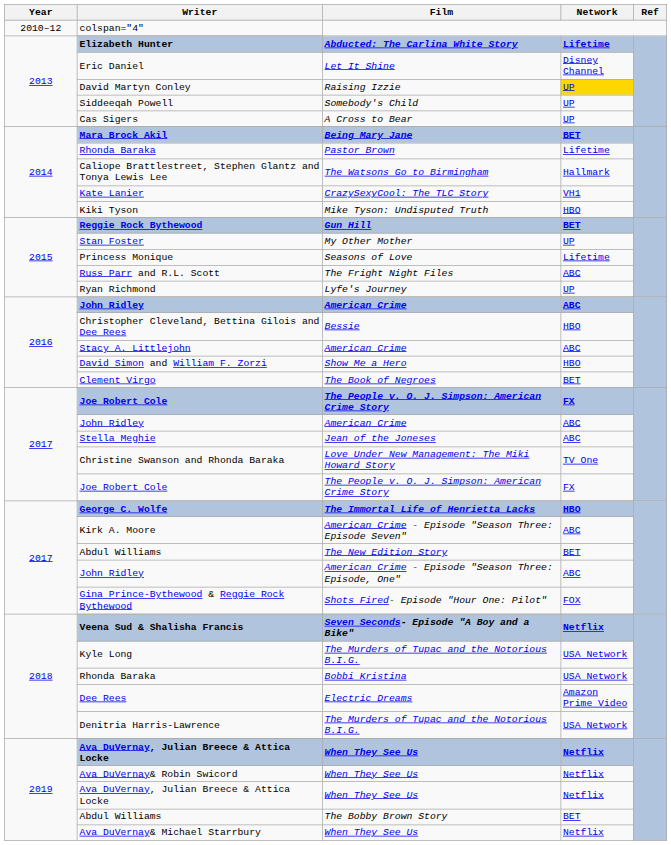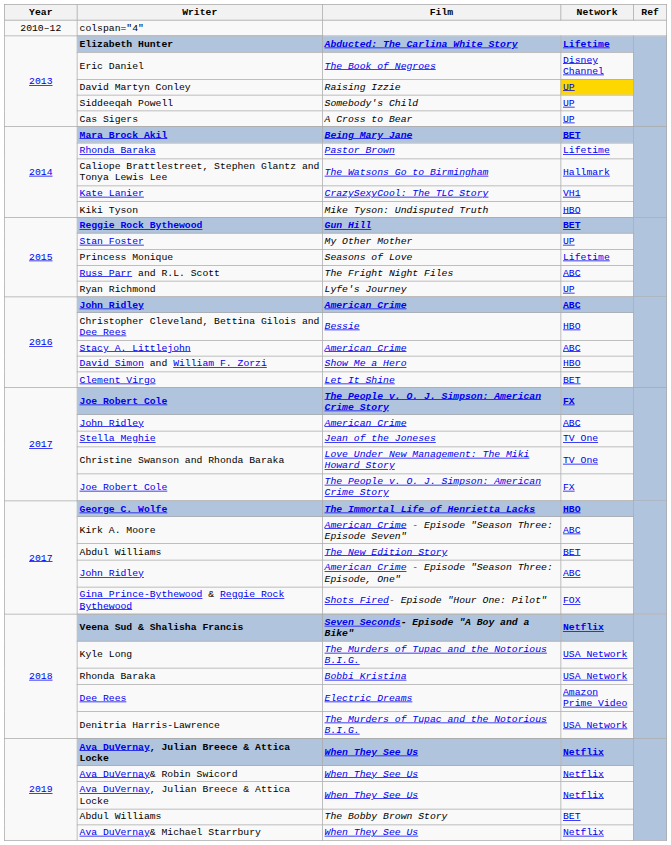 <table class="wikitable" style="width:100%;">
 <tr style="background:#bebebe;">
 <th style="width:11%;">Year</th>
 <th style="width:37%;">Writer</th>
 <th style="width:36%;">Film</th>
 <th style="width:11%;">Network</th>
 <th style="width:5%;">Ref</th>
 </tr>
 <tr>
 <td align="center">2010–12</td>
 <td>colspan="4" </td>
 </tr>
 <tr>
 <td rowspan="6" align="center"><a href='#'>2013</a></td>
 </tr>
 <tr style="background:#B0C4DE">
 <td><strong>Elizabeth Hunter</strong></td>
 <td><strong><em><a href='#'>Abducted: The Carlina White Story</a></em></strong></td>
 <td><strong><a href='#'>Lifetime</a></strong></td>
 <td rowspan="6" align="center"></td>
 </tr>
 <tr>
 <td>Eric Daniel</td>
-<td><em><a href='#'>Let It Shine</a></em></td>
+<td><em><a href='#'>The Book of Negroes</a></em></td>
 <td><a href='#'>Disney Channel</a></td>
 </tr>
 <tr>
 <td>David Martyn Conley</td>
 <td><em>Raising Izzie</em></td>
 <td style="background: gold;"><a href='#'>UP</a></td>
 </tr>
 <tr>
 <td>Siddeeqah Powell</td>
 <td><em>Somebody's Child</em></td>
 <td><a href='#'>UP</a></td>
 </tr>
 <tr>
 <td>Cas Sigers</td>
 <td><em>A Cross to Bear</em></td>
 <td><a href='#'>UP</a></td>
 </tr>
 <tr>
 <td rowspan="6" align="center"><a href='#'>2014</a></td>
 </tr>
 <tr style="background:#B0C4DE">
 <td><strong><a href='#'>Mara Brock Akil</a></strong></td>
 <td><strong><em><a href='#'>Being Mary Jane</a></em></strong></td>
 <td><strong><a href='#'>BET</a></strong></td>
 <td rowspan="6" align="center"></td>
 </tr>
 <tr>
 <td><a href='#'>Rhonda Baraka</a></td>
 <td><em><a href='#'>Pastor Brown</a></em></td>
 <td><a href='#'>Lifetime</a></td>
 </tr>
 <tr>
 <td>Caliope Brattlestreet, Stephen Glantz and Tonya Lewis Lee</td>
 <td><em><a href='#'>The Watsons Go to Birmingham</a></em></td>
 <td><a href='#'>Hallmark</a></td>
 </tr>
 <tr>
 <td><a href='#'>Kate Lanier</a></td>
 <td><em><a href='#'>CrazySexyCool: The TLC Story</a></em></td>
 <td><a href='#'>VH1</a></td>
 </tr>
 <tr>
 <td>Kiki Tyson</td>
 <td><em>Mike Tyson: Undisputed Truth</em></td>
 <td><a href='#'>HBO</a></td>
 </tr>
 <tr>
 <td rowspan="6" align="center"><a href='#'>2015</a></td>
 </tr>
 <tr style="background:#B0C4DE">
 <td><strong><a href='#'>Reggie Rock Bythewood</a></strong></td>
 <td><strong><em><a href='#'>Gun Hill</a></em></strong></td>
 <td><strong><a href='#'>BET</a></strong></td>
 <td rowspan="6" align="center"></td>
 </tr>
 <tr>
 <td><a href='#'>Stan Foster</a></td>
 <td><em>My Other Mother</em></td>
 <td><a href='#'>UP</a></td>
 </tr>
 <tr>
 <td>Princess Monique</td>
 <td><em>Seasons of Love</em></td>
 <td><a href='#'>Lifetime</a></td>
 </tr>
 <tr>
 <td><a href='#'>Russ Parr</a> and R.L. Scott</td>
 <td><em>The Fright Night Files</em></td>
 <td><a href='#'>ABC</a></td>
 </tr>
 <tr>
 <td>Ryan Richmond</td>
 <td><em>Lyfe's Journey</em></td>
 <td><a href='#'>UP</a></td>
 </tr>
 <tr>
 <td rowspan="6" align="center"><a href='#'>2016</a></td>
 </tr>
 <tr style="background:#B0C4DE">
 <td><strong><a href='#'>John Ridley</a></strong></td>
 <td><strong><em><a href='#'>American Crime</a></em></strong></td>
 <td><strong><a href='#'>ABC</a></strong></td>
 <td rowspan="6" align="center"></td>
 </tr>
 <tr>
 <td>Christopher Cleveland, Bettina Gilois and <a href='#'>Dee Rees</a></td>
 <td><em><a href='#'>Bessie</a></em></td>
 <td><a href='#'>HBO</a></td>
 </tr>
 <tr>
 <td><a href='#'>Stacy A. Littlejohn</a></td>
 <td><em><a href='#'>American Crime</a></em></td>
 <td><a href='#'>ABC</a></td>
 </tr>
 <tr>
 <td><a href='#'>David Simon</a> and <a href='#'>William F. Zorzi</a></td>
 <td><em><a href='#'>Show Me a Hero</a></em></td>
 <td><a href='#'>HBO</a></td>
 </tr>
 <tr>
 <td><a href='#'>Clement Virgo</a></td>
-<td><em><a href='#'>The Book of Negroes</a></em></td>
+<td><em><a href='#'>Let It Shine</a></em></td>
 <td><a href='#'>BET</a></td>
 </tr>
 <tr>
 <td rowspan="6" align="center"><a href='#'>2017</a></td>
 </tr>
 <tr style="background:#B0C4DE">
 <td><strong><a href='#'>Joe Robert Cole</a></strong></td>
 <td><strong><em><a href='#'>The People v. O. J. Simpson: American Crime Story</a></em></strong></td>
 <td><strong><a href='#'>FX</a></strong></td>
 <td rowspan="6" align="center"></td>
 </tr>
 <tr>
 <td><a href='#'>John Ridley</a></td>
 <td><em><a href='#'>American Crime</a></em></td>
 <td><a href='#'>ABC</a></td>
 </tr>
 <tr>
 <td><a href='#'>Stella Meghie</a></td>
 <td><em><a href='#'>Jean of the Joneses</a></em></td>
-<td><a href='#'>ABC</a></td>
+<td><a href='#'>TV One</a></td>
 </tr>
 <tr>
 <td>Christine Swanson and Rhonda Baraka</td>
 <td><em><a href='#'>Love Under New Management: The Miki Howard Story</a></em></td>
 <td><a href='#'>TV One</a></td>
 </tr>
 <tr>
 <td><a href='#'>Joe Robert Cole</a></td>
 <td><em><a href='#'>The People v. O. J. Simpson: American Crime Story</a></em></td>
 <td><a href='#'>FX</a></td>
 </tr>
 <tr>
 <td rowspan="6" align="center"><a href='#'>2017</a></td>
 </tr>
 <tr style="background:#B0C4DE">
 <td><strong><a href='#'>George C. Wolfe</a></strong></td>
 <td><strong><em><a href='#'>The Immortal Life of Henrietta Lacks</a></em></strong></td>
 <td><strong><a href='#'>HBO</a></strong></td>
 <td rowspan="6" align="center"></td>
 </tr>
 <tr>
 <td>Kirk A. Moore</td>
 <td><em><a href='#'>American Crime</a> - Episode "Season Three: Episode Seven"</em></td>
 <td><a href='#'>ABC</a></td>
 </tr>
 <tr>
 <td>Abdul Williams</td>
 <td><em><a href='#'>The New Edition Story</a></em></td>
 <td><a href='#'>BET</a></td>
 </tr>
 <tr>
 <td><a href='#'>John Ridley</a></td>
 <td><em><a href='#'>American Crime</a> - Episode "Season Three: Episode, One"</em></td>
 <td><a href='#'>ABC</a></td>
 </tr>
 <tr>
 <td><a href='#'>Gina Prince-Bythewood</a> & <a href='#'>Reggie Rock Bythewood</a></td>
 <td><em><a href='#'>Shots Fired</a>- Episode "Hour One: Pilot"</em></td>
 <td><a href='#'>FOX</a></td>
 </tr>
 <tr>
 <td rowspan="6" align="center"><a href='#'>2018</a></td>
 </tr>
 <tr style="background:#B0C4DE">
 <td><strong>Veena Sud & Shalisha Francis</strong></td>
 <td><strong><em><a href='#'>Seven Seconds</a>- Episode "A Boy and a Bike"</em></strong></td>
 <td><strong><a href='#'>Netflix</a></strong></td>
 <td rowspan="6" align="center"></td>
 </tr>
 <tr>
 <td>Kyle Long</td>
 <td><em><a href='#'>The Murders of Tupac and the Notorious B.I.G.</a></em></td>
 <td><a href='#'>USA Network</a></td>
 </tr>
 <tr>
 <td>Rhonda Baraka</td>
 <td><em><a href='#'>Bobbi Kristina</a></em></td>
 <td><a href='#'>USA Network</a></td>
 </tr>
 <tr>
 <td><a href='#'>Dee Rees</a></td>
 <td><em><a href='#'>Electric Dreams</a></em></td>
 <td><a href='#'>Amazon Prime Video</a></td>
 </tr>
 <tr>
 <td>Denitria Harris-Lawrence</td>
 <td><em><a href='#'>The Murders of Tupac and the Notorious B.I.G.</a></em></td>
 <td><a href='#'>USA Network</a></td>
 </tr>
 <tr>
 <td rowspan="6" align="center"><a href='#'>2019</a></td>
 </tr>
 <tr style="background:#B0C4DE">
 <td><strong><a href='#'>Ava DuVernay</a>, Julian Breece & Attica Locke</strong></td>
 <td><strong><em><a href='#'>When They See Us</a></em></strong></td>
 <td><strong><a href='#'>Netflix</a></strong></td>
 <td rowspan="6" align="center"></td>
 </tr>
 <tr>
 <td><a href='#'>Ava DuVernay</a>& Robin Swicord</td>
 <td><em><a href='#'>When They See Us</a></em></td>
 <td><a href='#'>Netflix</a></td>
 </tr>
 <tr>
 <td><a href='#'>Ava DuVernay</a>, Julian Breece & Attica Locke</td>
 <td><em><a href='#'>When They See Us</a></em></td>
 <td><a href='#'>Netflix</a></td>
 </tr>
 <tr>
 <td>Abdul Williams</td>
 <td><em>The Bobby Brown Story</em></td>
 <td><a href='#'>BET</a></td>
 </tr>
 <tr>
 <td><a href='#'>Ava DuVernay</a>& Michael Starrbury</td>
 <td><em><a href='#'>When They See Us</a></em></td>
 <td><a href='#'>Netflix</a></td>
 </tr>
 </table>
